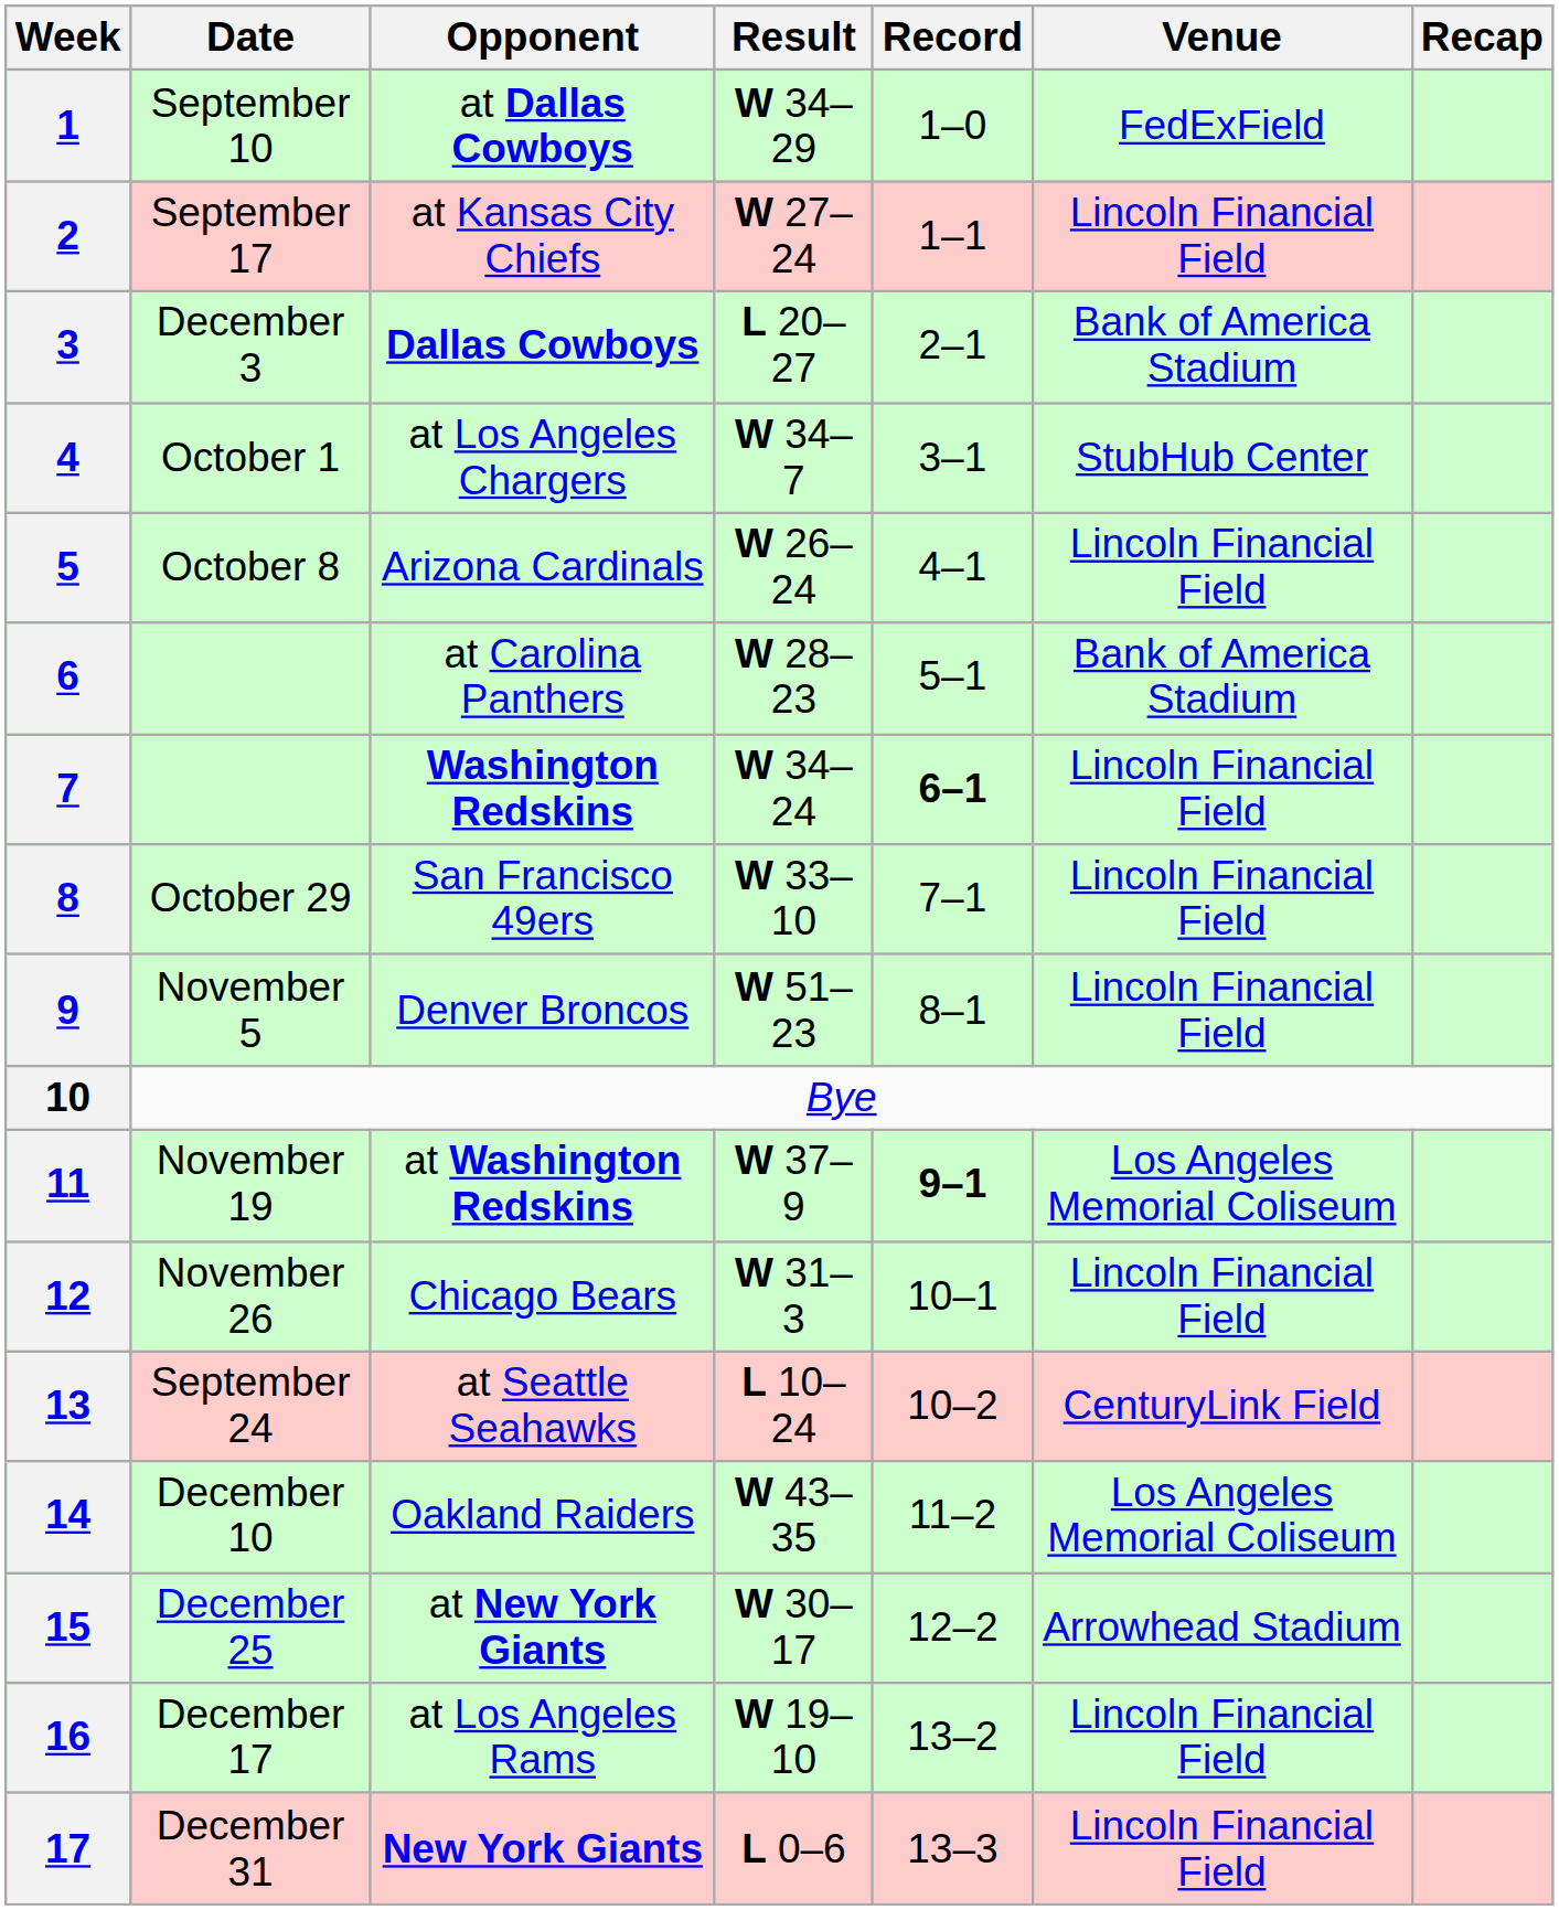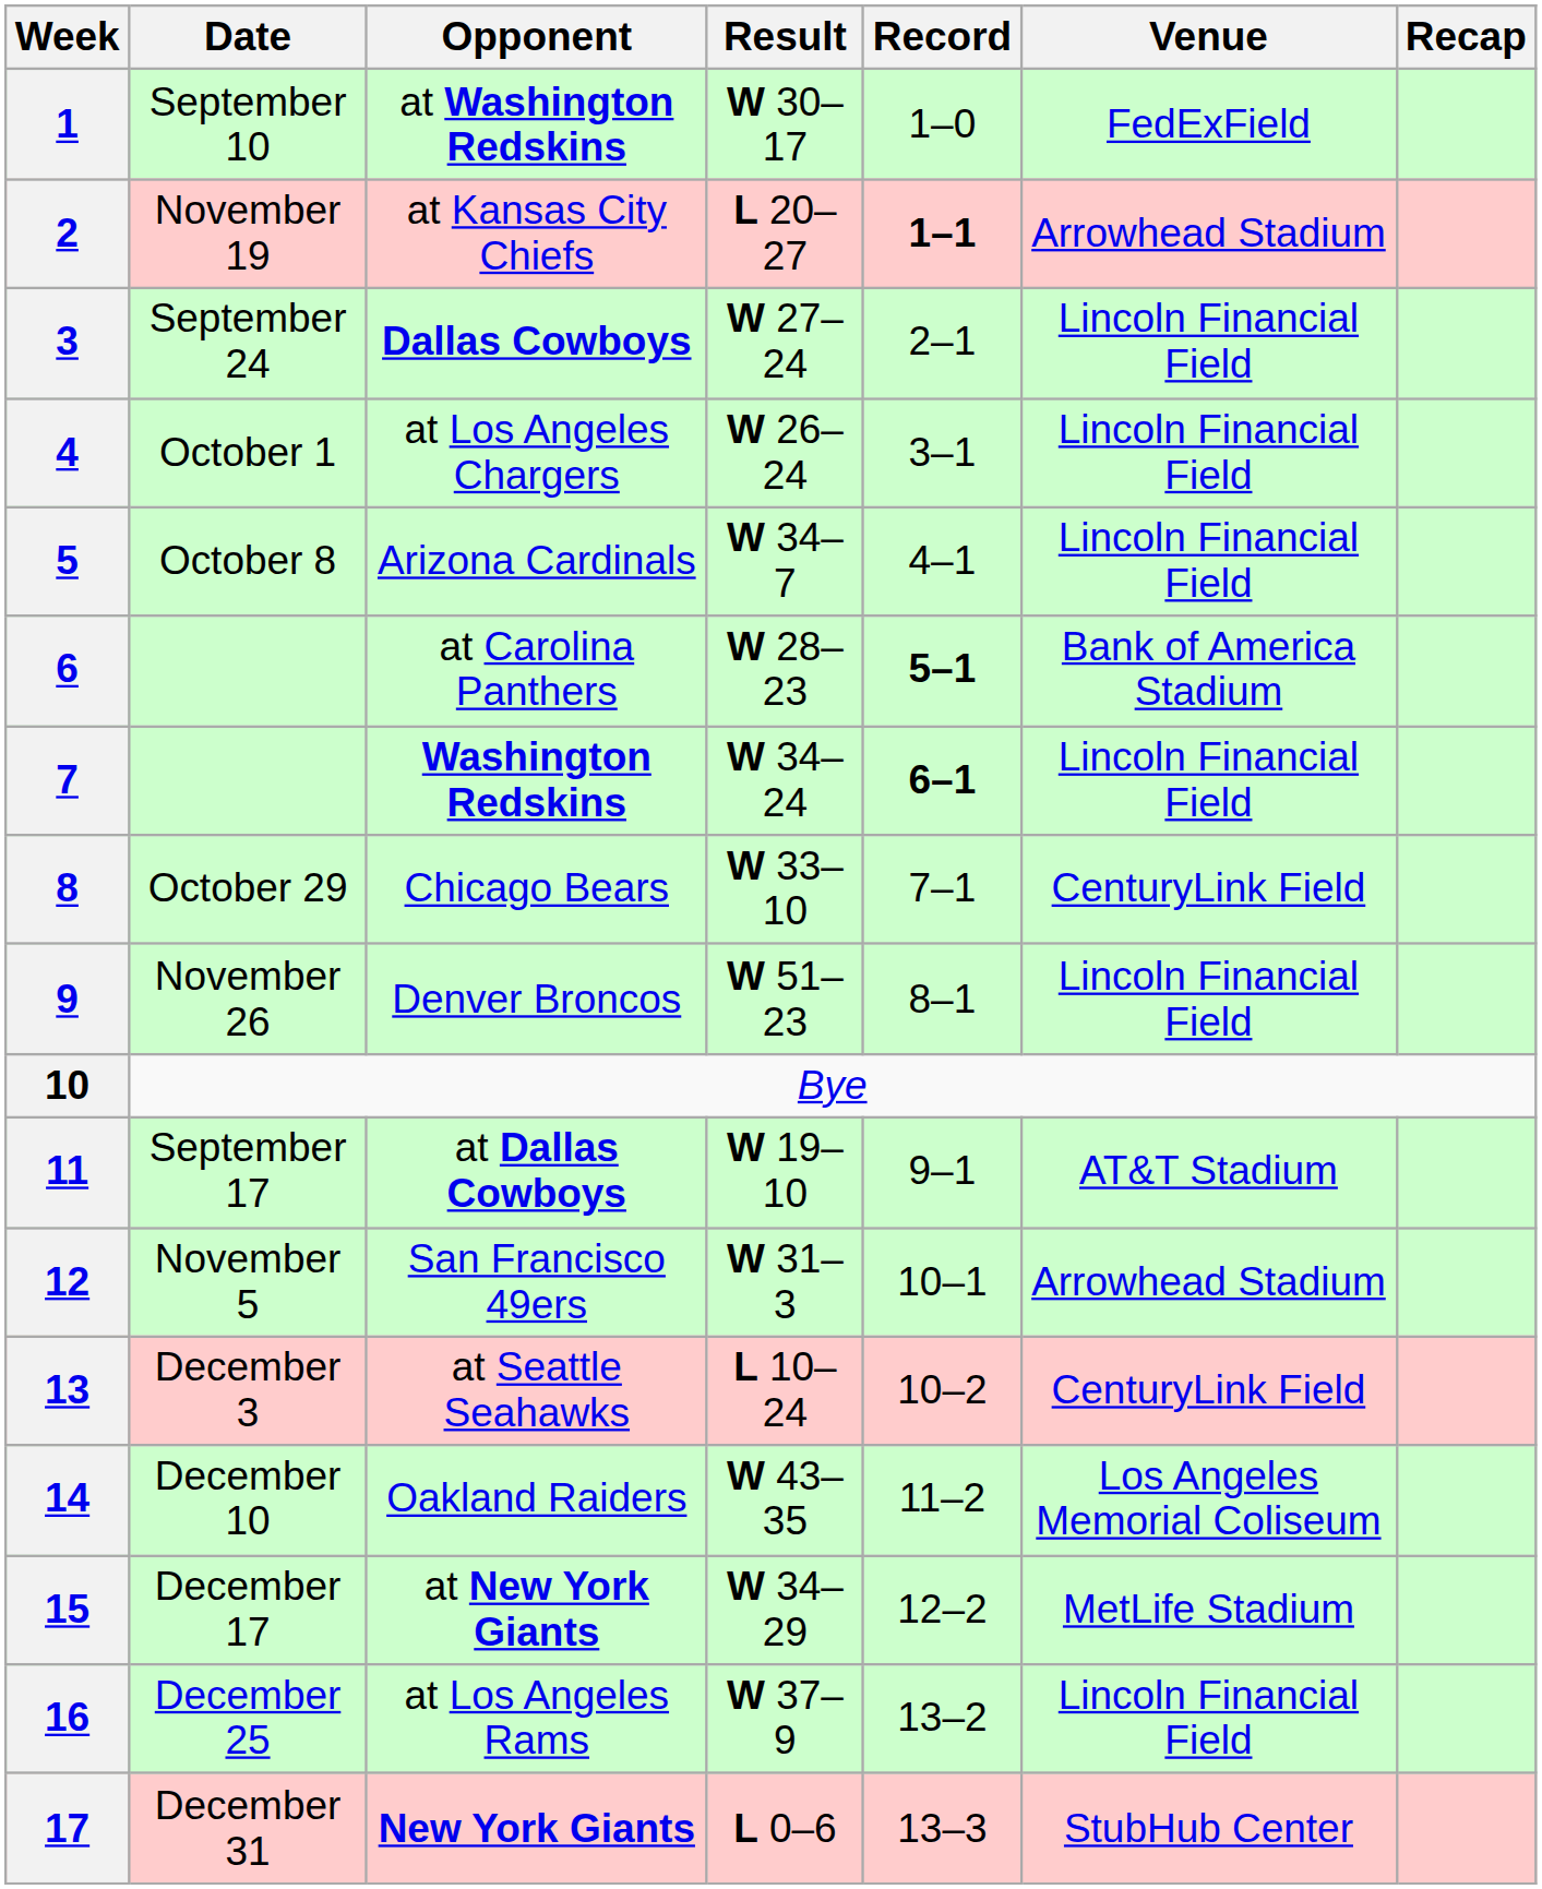 <table class="wikitable" style="text-align:center">
 <tr>
 <th>Week</th>
 <th>Date</th>
 <th>Opponent</th>
 <th>Result</th>
 <th>Record</th>
 <th>Venue</th>
 <th>Recap</th>
 </tr>
 <tr style="background:#cfc">
 <th><a href='#'>1</a></th>
 <td>September 10</td>
-<td>at <strong><a href='#'>Dallas Cowboys</a></strong></td>
-<td><strong>W</strong> 34–29</td>
+<td>at <strong><a href='#'>Washington Redskins</a></strong></td>
+<td><strong>W</strong> 30–17</td>
 <td>1–0</td>
 <td><a href='#'>FedExField</a></td>
 <td></td>
 </tr>
 <tr style="background:#fcc">
 <th><a href='#'>2</a></th>
-<td>September 17</td>
+<td>November 19</td>
 <td>at <a href='#'>Kansas City Chiefs</a></td>
-<td><strong>W</strong> 27–24</td>
-<td>1–1</td>
-<td><a href='#'>Lincoln Financial Field</a></td>
+<td><strong>L</strong> 20–27</td>
+<td><strong>1–1</strong></td>
+<td><a href='#'>Arrowhead Stadium</a></td>
 <td></td>
 </tr>
 <tr style="background:#cfc">
 <th><a href='#'>3</a></th>
-<td>December 3</td>
+<td>September 24</td>
 <td><strong><a href='#'>Dallas Cowboys</a></strong></td>
-<td><strong>L</strong> 20–27</td>
+<td><strong>W</strong> 27–24</td>
 <td>2–1</td>
-<td><a href='#'>Bank of America Stadium</a></td>
+<td><a href='#'>Lincoln Financial Field</a></td>
 <td></td>
 </tr>
 <tr style="background:#cfc">
 <th><a href='#'>4</a></th>
 <td>October 1</td>
 <td>at <a href='#'>Los Angeles Chargers</a></td>
-<td><strong>W</strong> 34–7</td>
+<td><strong>W</strong> 26–24</td>
 <td>3–1</td>
-<td><a href='#'>StubHub Center</a></td>
+<td><a href='#'>Lincoln Financial Field</a></td>
 <td></td>
 </tr>
 <tr style="background:#cfc">
 <th><a href='#'>5</a></th>
 <td>October 8</td>
 <td><a href='#'>Arizona Cardinals</a></td>
-<td><strong>W</strong> 26–24</td>
+<td><strong>W</strong> 34–7</td>
 <td>4–1</td>
 <td><a href='#'>Lincoln Financial Field</a></td>
 <td></td>
 </tr>
 <tr style="background:#cfc">
 <th><a href='#'>6</a></th>
 <td></td>
 <td>at <a href='#'>Carolina Panthers</a></td>
 <td><strong>W</strong> 28–23</td>
-<td>5–1</td>
+<td><strong>5–1</strong></td>
 <td><a href='#'>Bank of America Stadium</a></td>
 <td></td>
 </tr>
 <tr style="background:#cfc">
 <th><a href='#'>7</a></th>
 <td></td>
 <td><strong><a href='#'>Washington Redskins</a></strong></td>
 <td><strong>W</strong> 34–24</td>
 <td><strong>6–1</strong></td>
 <td><a href='#'>Lincoln Financial Field</a></td>
 <td></td>
 </tr>
 <tr style="background:#cfc">
 <th><a href='#'>8</a></th>
 <td>October 29</td>
-<td><a href='#'>San Francisco 49ers</a></td>
+<td><a href='#'>Chicago Bears</a></td>
 <td><strong>W</strong> 33–10</td>
 <td>7–1</td>
-<td><a href='#'>Lincoln Financial Field</a></td>
+<td><a href='#'>CenturyLink Field</a></td>
 <td></td>
 </tr>
 <tr style="background:#cfc">
 <th><a href='#'>9</a></th>
-<td>November 5</td>
+<td>November 26</td>
 <td><a href='#'>Denver Broncos</a></td>
 <td><strong>W</strong> 51–23</td>
 <td>8–1</td>
 <td><a href='#'>Lincoln Financial Field</a></td>
 <td></td>
 </tr>
 <tr>
 <th>10</th>
 <td colspan="6"><em><a href='#'>Bye</a></em></td>
 </tr>
 <tr style="background:#cfc">
 <th><a href='#'>11</a></th>
-<td>November 19</td>
-<td>at <strong><a href='#'>Washington Redskins</a></strong></td>
-<td><strong>W</strong> 37–9</td>
-<td><strong>9–1</strong></td>
-<td><a href='#'>Los Angeles Memorial Coliseum</a></td>
+<td>September 17</td>
+<td>at <strong><a href='#'>Dallas Cowboys</a></strong></td>
+<td><strong>W</strong> 19–10</td>
+<td>9–1</td>
+<td><a href='#'>AT&T Stadium</a></td>
 <td></td>
 </tr>
 <tr style="background:#cfc">
 <th><a href='#'>12</a></th>
-<td>November 26</td>
-<td><a href='#'>Chicago Bears</a></td>
+<td>November 5</td>
+<td><a href='#'>San Francisco 49ers</a></td>
 <td><strong>W</strong> 31–3</td>
 <td>10–1</td>
-<td><a href='#'>Lincoln Financial Field</a></td>
+<td><a href='#'>Arrowhead Stadium</a></td>
 <td></td>
 </tr>
 <tr style="background:#fcc">
 <th><a href='#'>13</a></th>
-<td>September 24</td>
+<td>December 3</td>
 <td>at <a href='#'>Seattle Seahawks</a></td>
 <td><strong>L</strong> 10–24</td>
 <td>10–2</td>
 <td><a href='#'>CenturyLink Field</a></td>
 <td></td>
 </tr>
 <tr style="background:#cfc">
 <th><a href='#'>14</a></th>
 <td>December 10</td>
 <td><a href='#'>Oakland Raiders</a></td>
 <td><strong>W</strong> 43–35</td>
 <td>11–2</td>
 <td><a href='#'>Los Angeles Memorial Coliseum</a></td>
 <td></td>
 </tr>
 <tr style="background:#cfc">
 <th><a href='#'>15</a></th>
-<td><a href='#'>December 25</a></td>
+<td>December 17</td>
 <td>at <strong><a href='#'>New York Giants</a></strong></td>
-<td><strong>W</strong> 30–17</td>
+<td><strong>W</strong> 34–29</td>
 <td>12–2</td>
-<td><a href='#'>Arrowhead Stadium</a></td>
+<td><a href='#'>MetLife Stadium</a></td>
 <td></td>
 </tr>
 <tr style="background:#cfc">
 <th><a href='#'>16</a></th>
-<td>December 17</td>
+<td><a href='#'>December 25</a></td>
 <td>at <a href='#'>Los Angeles Rams</a></td>
-<td><strong>W</strong> 19–10</td>
+<td><strong>W</strong> 37–9</td>
 <td>13–2</td>
 <td><a href='#'>Lincoln Financial Field</a></td>
 <td></td>
 </tr>
 <tr style="background:#fcc">
 <th><a href='#'>17</a></th>
 <td>December 31</td>
 <td><strong><a href='#'>New York Giants</a></strong></td>
 <td><strong>L</strong> 0–6</td>
 <td>13–3</td>
-<td><a href='#'>Lincoln Financial Field</a></td>
+<td><a href='#'>StubHub Center</a></td>
 <td></td>
 </tr>
 </table>
